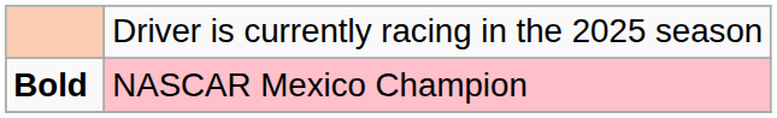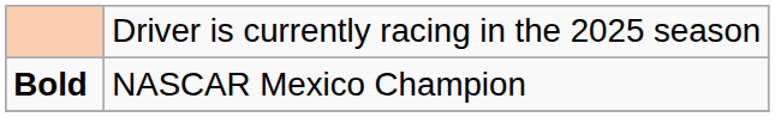 <table class="wikitable">
 <tr>
 <td width=40px align=center style="background-color:#FBCEB1"></td>
 <td>Driver is currently racing in the 2025 season</td>
 </tr>
 <tr>
 <td><strong>Bold</strong></td>
-<td style="background: pink;">NASCAR Mexico Champion</td>
+<td>NASCAR Mexico Champion</td>
 </tr>
 <tr>
 </tr>
 </table>
